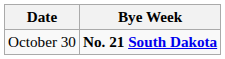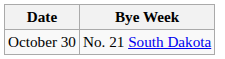 <table class="wikitable" style="font-size:95%;">
 <tr>
 <th>Date</th>
 <th>Bye Week</th>
 </tr>
 <tr>
 <td>October 30</td>
-<td><strong>No. 21 <a href='#'>South Dakota</a></strong></td>
+<td>No. 21 <a href='#'>South Dakota</a></td>
 </tr>
 </table>
